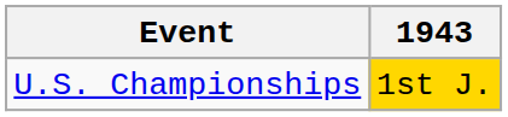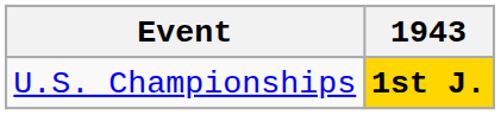 <table class="wikitable">
 <tr>
 <th>Event</th>
 <th>1943</th>
 </tr>
 <tr>
 <td><a href='#'>U.S. Championships</a></td>
-<td align="center" bgcolor="gold">1st J.</td>
+<td align="center" bgcolor="gold"><strong>1st J.</strong></td>
 </tr>
 </table>
